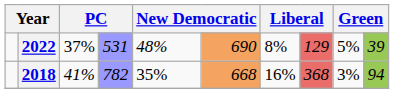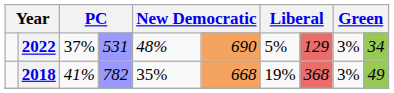 <table class="wikitable" style="width:400; font-size:90%; margin-left:1em;">
 <tr>
 <th colspan="2" scope="col">Year</th>
 <th colspan="2" scope="col"><a href='#'>PC</a></th>
 <th colspan="2" scope="col"><a href='#'>New Democratic</a></th>
 <th colspan="2" scope="col"><a href='#'>Liberal</a></th>
 <th colspan="2" scope="col"><a href='#'>Green</a></th>
 </tr>
 <tr>
 <td style="width: 0.25em; background-color: "></td>
 <th><a href='#'>2022</a></th>
 <td>37%</td>
 <td style="text-align:right; background:#9999FF;"><em>531</em></td>
 <td><em>48%</em></td>
 <td style="text-align:right; background:#F4A460;"><em>690</em></td>
-<td>8%</td>
+<td>5%</td>
 <td style="text-align:right; background:#EA6D6A;"><em>129</em></td>
-<td>5%</td>
-<td style="text-align:right; background:#99C955;"><em>39</em></td>
+<td>3%</td>
+<td style="text-align:right; background:#99C955;"><em>34</em></td>
 </tr>
 <tr>
 <td style="width: 0.25em; background-color: "></td>
 <th><a href='#'>2018</a></th>
 <td><em>41%</em></td>
 <td style="text-align:right; background:#9999FF;"><em>782</em></td>
 <td>35%</td>
 <td style="text-align:right; background:#F4A460;"><em>668</em></td>
-<td>16%</td>
+<td>19%</td>
 <td style="text-align:right; background:#EA6D6A;"><em>368</em></td>
 <td>3%</td>
-<td style="text-align:right; background:#99C955;"><em>94</em></td>
+<td style="text-align:right; background:#99C955;"><em>49</em></td>
 </tr>
 <tr>
 </tr>
 </table>
